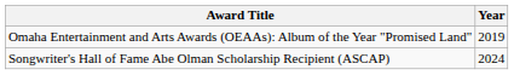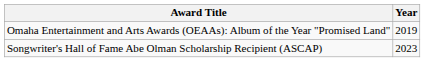 <table class="wikitable">
 <tr>
 <th>Award Title</th>
 <th>Year</th>
 </tr>
 <tr>
 <td>Omaha Entertainment and Arts Awards (OEAAs): Album of the Year "Promised Land"</td>
 <td>2019</td>
 </tr>
 <tr>
 <td>Songwriter's Hall of Fame Abe Olman Scholarship Recipient (ASCAP)</td>
-<td>2024</td>
+<td>2023</td>
 </tr>
 </table>
